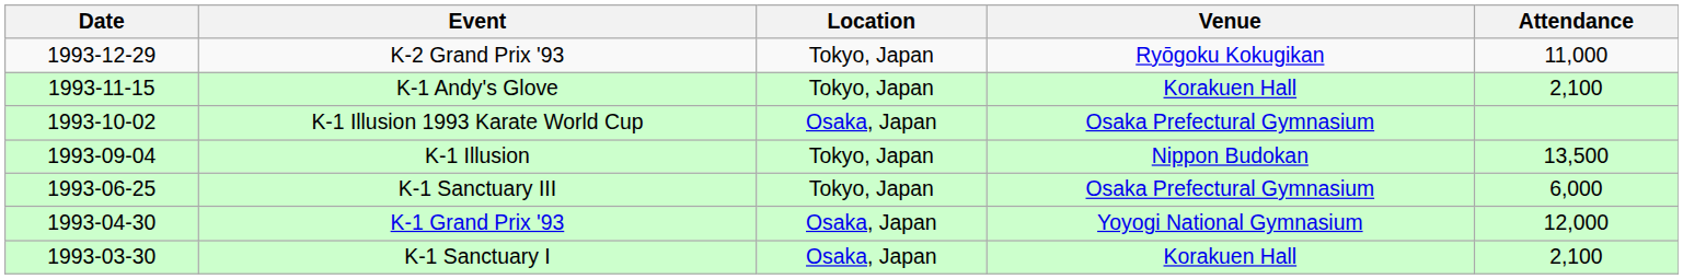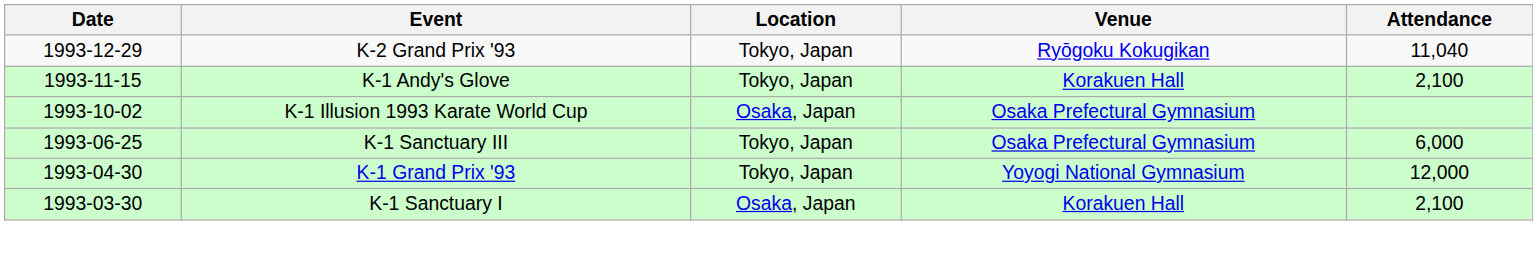 <table class="wikitable" style="width:100%; text-align:center">
 <tr>
 <th>Date</th>
 <th>Event</th>
 <th>Location</th>
 <th>Venue</th>
 <th>Attendance</th>
 </tr>
 <tr style="background:">
 <td>1993-12-29</td>
 <td>K-2 Grand Prix '93</td>
 <td> Tokyo, Japan</td>
 <td><a href='#'>Ryōgoku Kokugikan</a></td>
-<td>11,000</td>
+<td>11,040</td>
 </tr>
 <tr style="background:#CCFFCC">
 <td>1993-11-15</td>
 <td>K-1 Andy's Glove</td>
 <td> Tokyo, Japan</td>
 <td><a href='#'>Korakuen Hall</a></td>
 <td>2,100</td>
 </tr>
 <tr style="background:#CCFFCC">
 <td>1993-10-02</td>
 <td>K-1 Illusion 1993 Karate World Cup</td>
 <td> <a href='#'>Osaka</a>, Japan</td>
 <td><a href='#'>Osaka Prefectural Gymnasium</a></td>
 <td></td>
 </tr>
 <tr style="background:#CCFFCC">
-<td>1993-09-04</td>
-<td>K-1 Illusion</td>
-<td> Tokyo, Japan</td>
-<td><a href='#'>Nippon Budokan</a></td>
-<td>13,500</td>
-</tr>
-<tr style="background:#CCFFCC">
 <td>1993-06-25</td>
 <td>K-1 Sanctuary III</td>
 <td> Tokyo, Japan</td>
 <td><a href='#'>Osaka Prefectural Gymnasium</a></td>
 <td>6,000</td>
 </tr>
 <tr style="background:#CCFFCC">
 <td>1993-04-30</td>
 <td><a href='#'>K-1 Grand Prix '93</a></td>
-<td> <a href='#'>Osaka</a>, Japan</td>
+<td> Tokyo, Japan</td>
 <td><a href='#'>Yoyogi National Gymnasium</a></td>
 <td>12,000</td>
 </tr>
 <tr style="background:#CCFFCC">
 <td>1993-03-30</td>
 <td>K-1 Sanctuary I</td>
 <td> <a href='#'>Osaka</a>, Japan</td>
 <td><a href='#'>Korakuen Hall</a></td>
 <td>2,100</td>
 </tr>
 </table>
